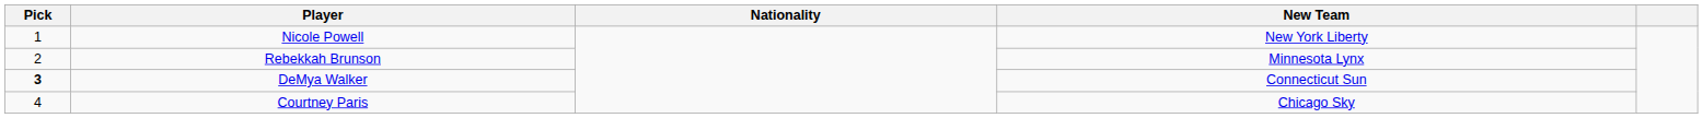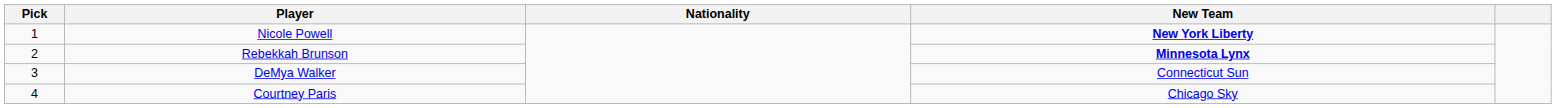 <table class="wikitable sortable" style="width:100%; text-align: center">
 <tr>
 <th width=30>Pick</th>
 <th width=300>Player</th>
 <th width=250>Nationality</th>
 <th width=383>New Team</th>
 <th width=30 class="unsortable"></th>
 </tr>
 <tr>
 <td>1</td>
 <td><a href='#'>Nicole Powell</a></td>
 <td rowspan=4></td>
-<td><a href='#'>New York Liberty</a></td>
+<td><strong><a href='#'>New York Liberty</a></strong></td>
 <td rowspan=4></td>
 </tr>
 <tr>
 <td>2</td>
 <td><a href='#'>Rebekkah Brunson</a></td>
-<td><a href='#'>Minnesota Lynx</a></td>
+<td><strong><a href='#'>Minnesota Lynx</a></strong></td>
 </tr>
 <tr>
-<td><strong>3</strong></td>
+<td>3</td>
 <td><a href='#'>DeMya Walker</a></td>
 <td><a href='#'>Connecticut Sun</a></td>
 </tr>
 <tr>
 <td>4</td>
 <td><a href='#'>Courtney Paris</a></td>
 <td><a href='#'>Chicago Sky</a></td>
 </tr>
 </table>
